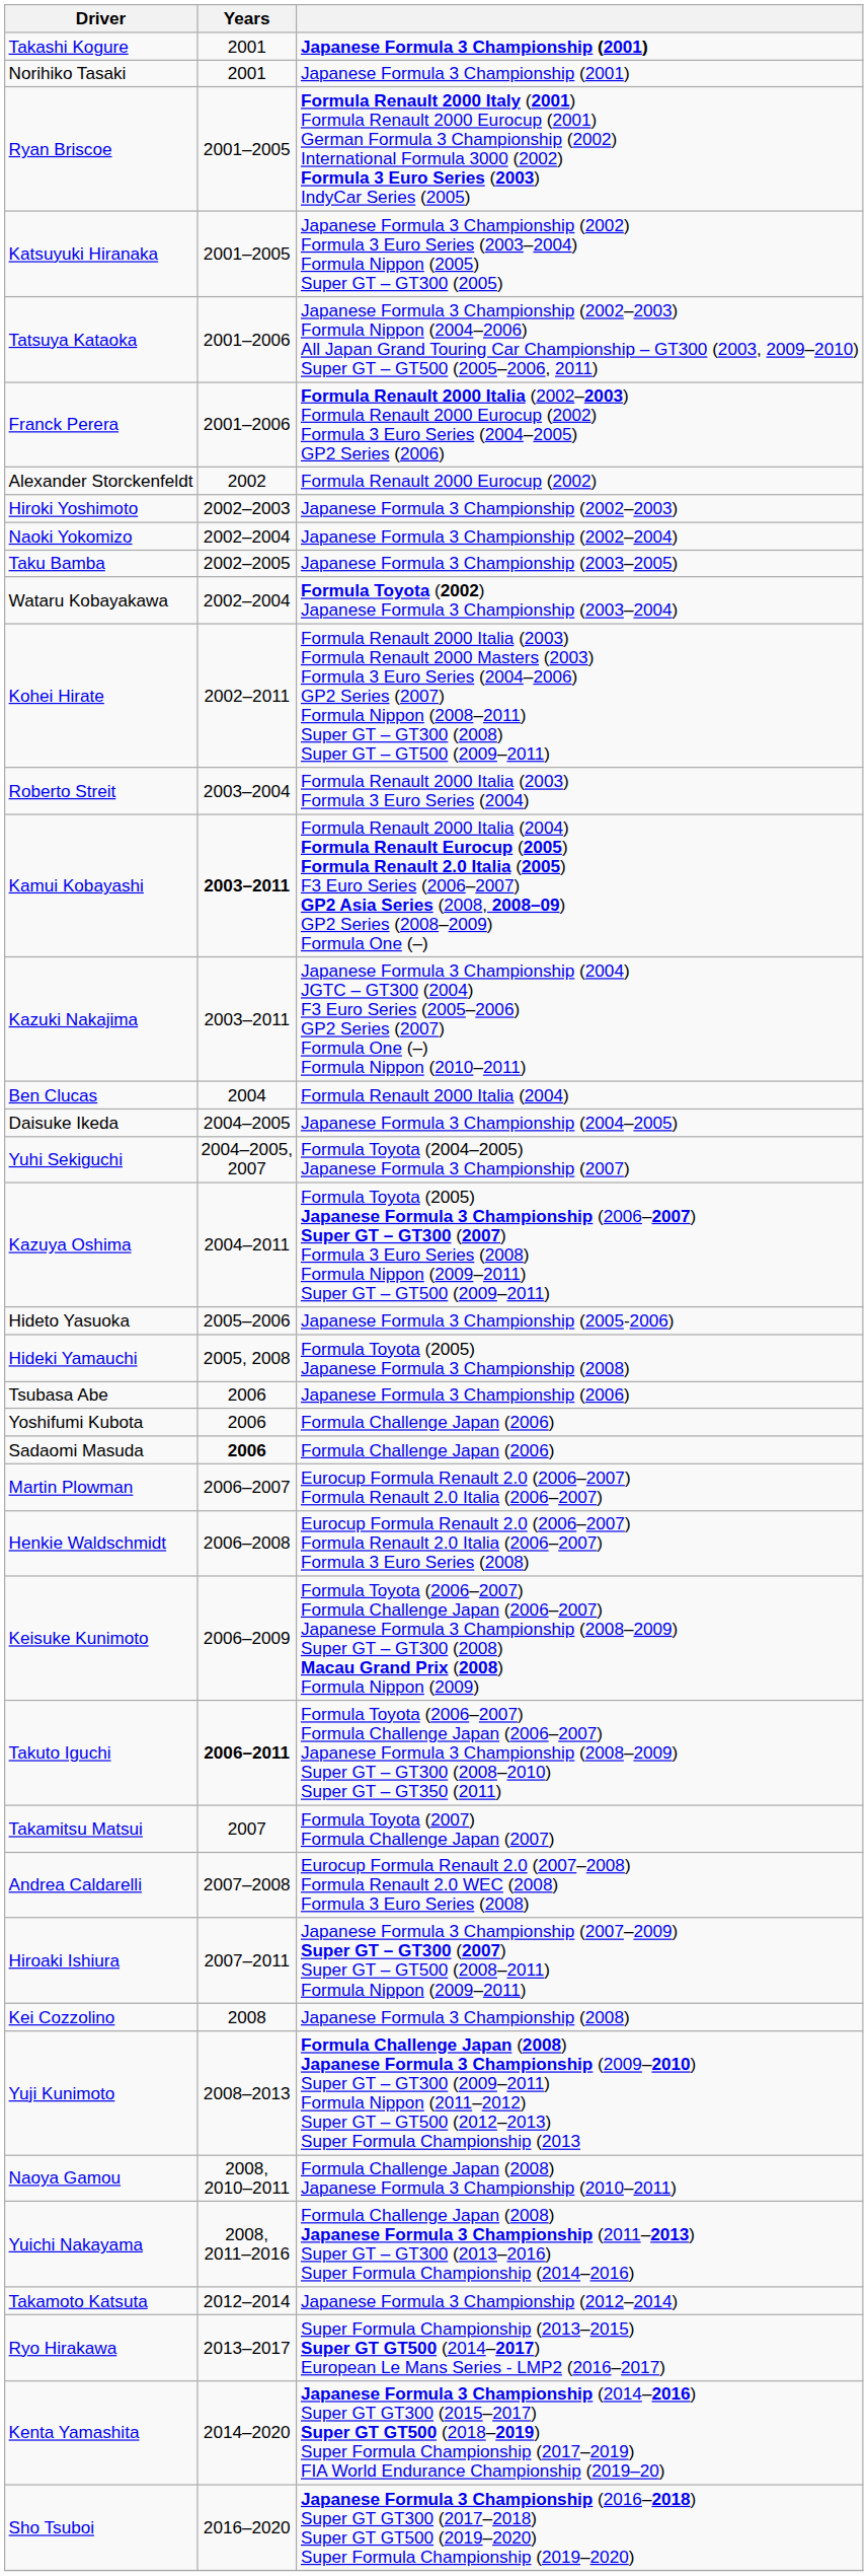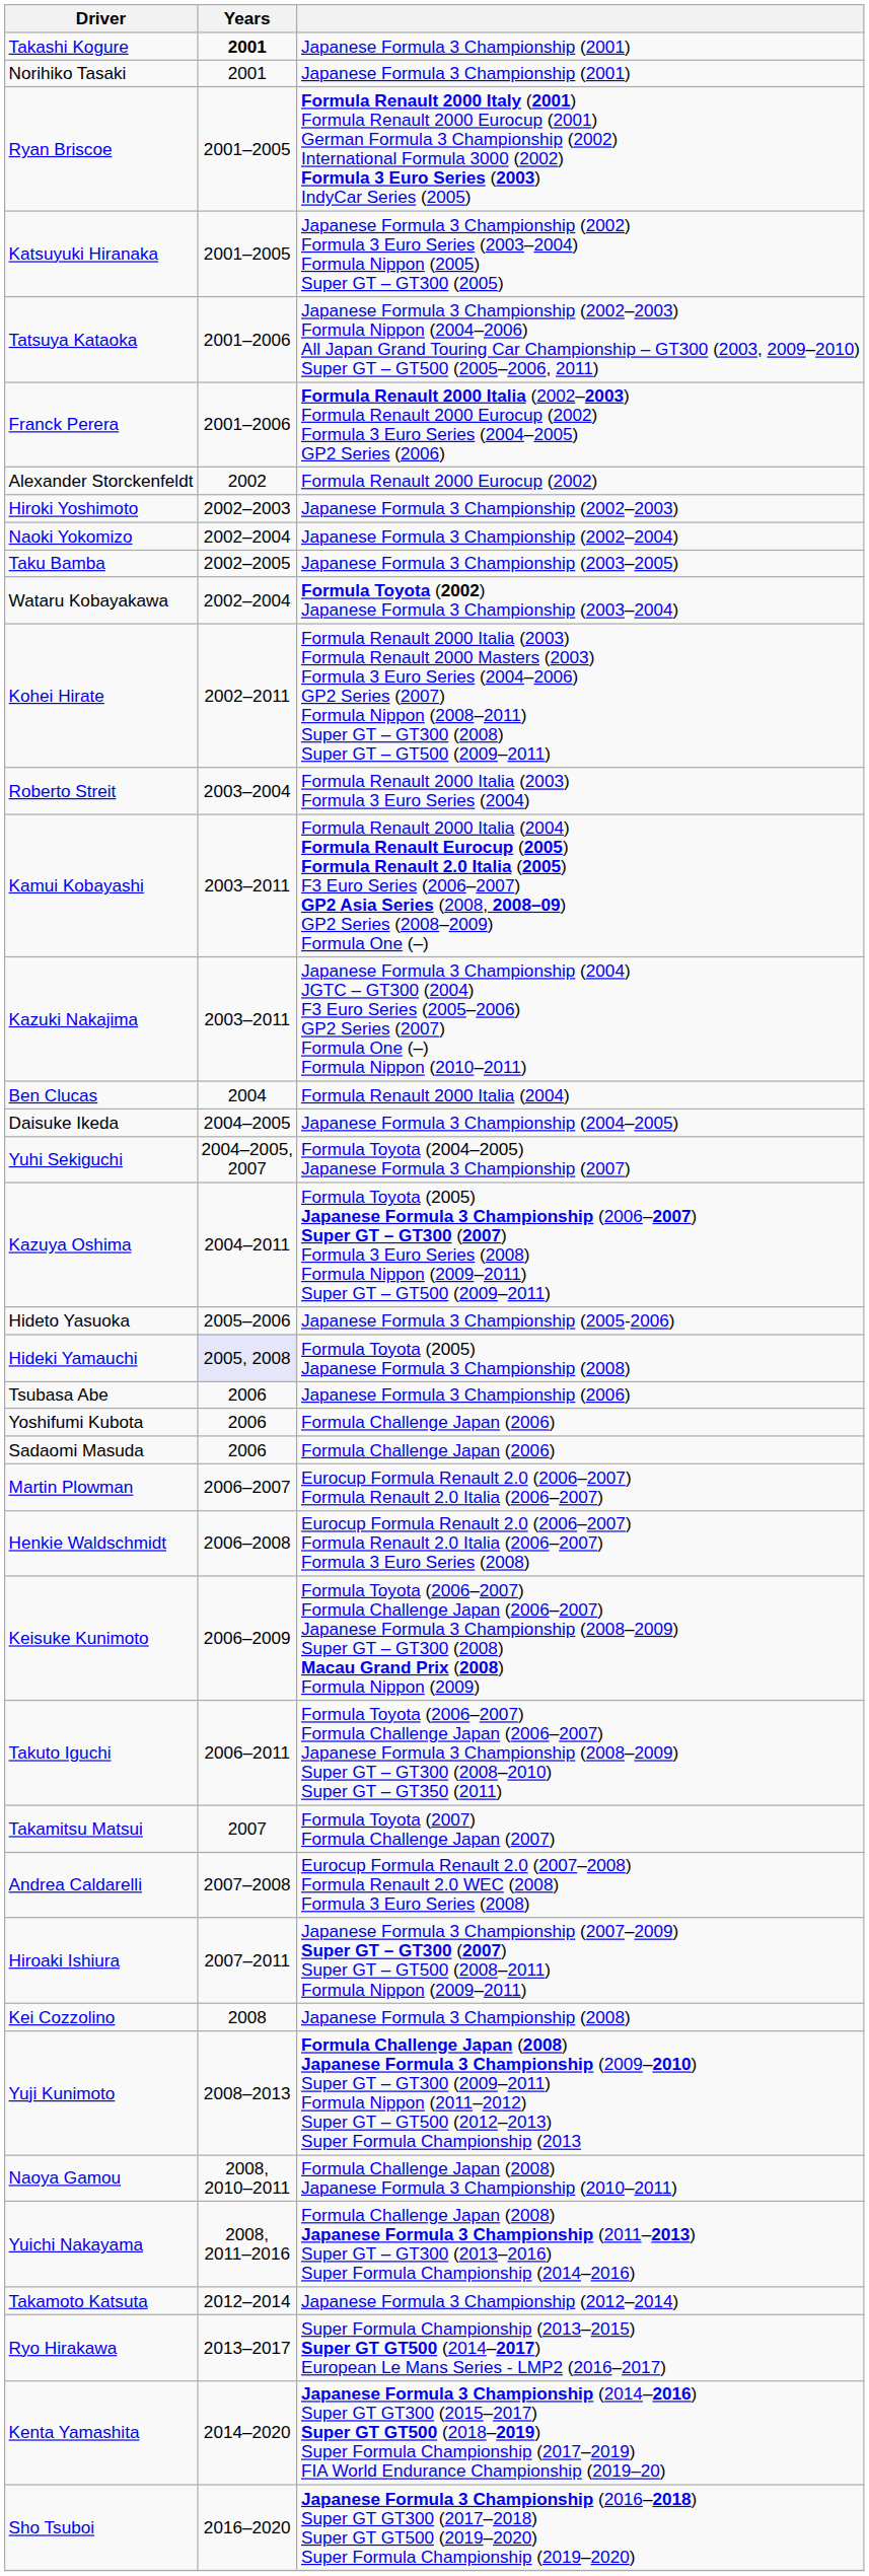 <table class="wikitable sortable" style="font-size: 90%;">
 <tr>
 <th>Driver</th>
 <th>Years</th>
 <th></th>
 </tr>
 <tr>
 <td> <a href='#'>Takashi Kogure</a></td>
-<td align=center>2001</td>
-<td><strong><a href='#'>Japanese Formula 3 Championship</a> (<a href='#'>2001</a>)</strong></td>
+<td align=center><strong>2001</strong></td>
+<td><a href='#'>Japanese Formula 3 Championship</a> (<a href='#'>2001</a>)</td>
 </tr>
 <tr>
 <td> Norihiko Tasaki</td>
 <td align=center>2001</td>
 <td><a href='#'>Japanese Formula 3 Championship</a> (<a href='#'>2001</a>)</td>
 </tr>
 <tr>
 <td> <a href='#'>Ryan Briscoe</a></td>
 <td align=center>2001–2005</td>
 <td><strong><a href='#'>Formula Renault 2000 Italy</a></strong> (<strong><a href='#'>2001</a></strong>)<br><a href='#'>Formula Renault 2000 Eurocup</a> (<a href='#'>2001</a>)<br><a href='#'>German Formula 3 Championship</a> (<a href='#'>2002</a>)<br><a href='#'>International Formula 3000</a> (<a href='#'>2002</a>)<br><strong><a href='#'>Formula 3 Euro Series</a></strong> (<strong><a href='#'>2003</a></strong>)<br><a href='#'>IndyCar Series</a> (<a href='#'>2005</a>)</td>
 </tr>
 <tr>
 <td> <a href='#'>Katsuyuki Hiranaka</a></td>
 <td align=center>2001–2005</td>
 <td><a href='#'>Japanese Formula 3 Championship</a> (<a href='#'>2002</a>)<br><a href='#'>Formula 3 Euro Series</a> (<a href='#'>2003</a>–<a href='#'>2004</a>)<br><a href='#'>Formula Nippon</a> (<a href='#'>2005</a>)<br><a href='#'>Super GT – GT300</a> (<a href='#'>2005</a>)</td>
 </tr>
 <tr>
 <td> <a href='#'>Tatsuya Kataoka</a></td>
 <td align=center>2001–2006</td>
 <td><a href='#'>Japanese Formula 3 Championship</a> (<a href='#'>2002</a>–<a href='#'>2003</a>)<br><a href='#'>Formula Nippon</a> (<a href='#'>2004</a>–<a href='#'>2006</a>)<br><a href='#'>All Japan Grand Touring Car Championship – GT300</a> (<a href='#'>2003</a>, <a href='#'>2009</a>–<a href='#'>2010</a>)<br><a href='#'>Super GT – GT500</a> (<a href='#'>2005</a>–<a href='#'>2006</a>, <a href='#'>2011</a>)</td>
 </tr>
 <tr>
 <td> <a href='#'>Franck Perera</a></td>
 <td align=center>2001–2006</td>
 <td><strong><a href='#'>Formula Renault 2000 Italia</a></strong> (<a href='#'>2002</a>–<strong><a href='#'>2003</a></strong>)<br><a href='#'>Formula Renault 2000 Eurocup</a> (<a href='#'>2002</a>)<br><a href='#'>Formula 3 Euro Series</a> (<a href='#'>2004</a>–<a href='#'>2005</a>)<br><a href='#'>GP2 Series</a> (<a href='#'>2006</a>)</td>
 </tr>
 <tr>
 <td> Alexander Storckenfeldt</td>
 <td align=center>2002</td>
 <td><a href='#'>Formula Renault 2000 Eurocup</a> (<a href='#'>2002</a>)</td>
 </tr>
 <tr>
 <td> <a href='#'>Hiroki Yoshimoto</a></td>
 <td align=center>2002–2003</td>
 <td><a href='#'>Japanese Formula 3 Championship</a> (<a href='#'>2002</a>–<a href='#'>2003</a>)</td>
 </tr>
 <tr>
 <td> <a href='#'>Naoki Yokomizo</a></td>
 <td align=center>2002–2004</td>
 <td><a href='#'>Japanese Formula 3 Championship</a> (<a href='#'>2002</a>–<a href='#'>2004</a>)</td>
 </tr>
 <tr>
 <td> <a href='#'>Taku Bamba</a></td>
 <td align=center>2002–2005</td>
 <td><a href='#'>Japanese Formula 3 Championship</a> (<a href='#'>2003</a>–<a href='#'>2005</a>)</td>
 </tr>
 <tr>
 <td> Wataru Kobayakawa</td>
 <td align=center>2002–2004</td>
 <td><strong><a href='#'>Formula Toyota</a></strong> (<strong>2002</strong>)<br><a href='#'>Japanese Formula 3 Championship</a> (<a href='#'>2003</a>–<a href='#'>2004</a>)</td>
 </tr>
 <tr>
 <td> <a href='#'>Kohei Hirate</a></td>
 <td align=center>2002–2011</td>
 <td><a href='#'>Formula Renault 2000 Italia</a> (<a href='#'>2003</a>)<br><a href='#'>Formula Renault 2000 Masters</a> (<a href='#'>2003</a>)<br><a href='#'>Formula 3 Euro Series</a> (<a href='#'>2004</a>–<a href='#'>2006</a>)<br><a href='#'>GP2 Series</a> (<a href='#'>2007</a>)<br><a href='#'>Formula Nippon</a> (<a href='#'>2008</a>–<a href='#'>2011</a>)<br><a href='#'>Super GT – GT300</a> (<a href='#'>2008</a>)<br><a href='#'>Super GT – GT500</a> (<a href='#'>2009</a>–<a href='#'>2011</a>)</td>
 </tr>
 <tr>
 <td> <a href='#'>Roberto Streit</a></td>
 <td align=center>2003–2004</td>
 <td><a href='#'>Formula Renault 2000 Italia</a> (<a href='#'>2003</a>)<br><a href='#'>Formula 3 Euro Series</a> (<a href='#'>2004</a>)</td>
 </tr>
 <tr>
 <td nowrap> <a href='#'>Kamui Kobayashi</a></td>
-<td align=center><strong>2003–2011</strong></td>
+<td align=center>2003–2011</td>
 <td><a href='#'>Formula Renault 2000 Italia</a> (<a href='#'>2004</a>)<br><strong><a href='#'>Formula Renault Eurocup</a></strong> (<strong><a href='#'>2005</a></strong>)<br><strong><a href='#'>Formula Renault 2.0 Italia</a></strong> (<strong><a href='#'>2005</a></strong>)<br><a href='#'>F3 Euro Series</a> (<a href='#'>2006</a>–<a href='#'>2007</a>)<br><strong><a href='#'>GP2 Asia Series</a></strong> (<a href='#'>2008</a>,<strong><a href='#'> 2008–09</a></strong>)<br><a href='#'>GP2 Series</a> (<a href='#'>2008</a>–<a href='#'>2009</a>)<br><a href='#'>Formula One</a> (–)</td>
 </tr>
 <tr>
 <td> <a href='#'>Kazuki Nakajima</a></td>
 <td align=center>2003–2011</td>
 <td><a href='#'>Japanese Formula 3 Championship</a> (<a href='#'>2004</a>)<br><a href='#'>JGTC – GT300</a> (<a href='#'>2004</a>)<br><a href='#'>F3 Euro Series</a> (<a href='#'>2005</a>–<a href='#'>2006</a>)<br><a href='#'>GP2 Series</a> (<a href='#'>2007</a>)<br><a href='#'>Formula One</a> (–)<br><a href='#'>Formula Nippon</a> (<a href='#'>2010</a>–<a href='#'>2011</a>)</td>
 </tr>
 <tr>
 <td> <a href='#'>Ben Clucas</a></td>
 <td align=center>2004</td>
 <td><a href='#'>Formula Renault 2000 Italia</a> (<a href='#'>2004</a>)</td>
 </tr>
 <tr>
 <td> Daisuke Ikeda</td>
 <td align=center>2004–2005</td>
 <td><a href='#'>Japanese Formula 3 Championship</a> (<a href='#'>2004</a>–<a href='#'>2005</a>)</td>
 </tr>
 <tr>
 <td> <a href='#'>Yuhi Sekiguchi</a></td>
 <td align=center>2004–2005,<br>2007</td>
 <td><a href='#'>Formula Toyota</a> (2004–2005)<br><a href='#'>Japanese Formula 3 Championship</a> (<a href='#'>2007</a>)</td>
 </tr>
 <tr>
 <td> <a href='#'>Kazuya Oshima</a></td>
 <td align=center>2004–2011</td>
 <td><a href='#'>Formula Toyota</a> (2005)<br><strong><a href='#'>Japanese Formula 3 Championship</a></strong> (<a href='#'>2006</a>–<strong><a href='#'>2007</a></strong>)<br><strong><a href='#'>Super GT – GT300</a></strong> (<strong><a href='#'>2007</a></strong>)<br><a href='#'>Formula 3 Euro Series</a> (<a href='#'>2008</a>)<br><a href='#'>Formula Nippon</a> (<a href='#'>2009</a>–<a href='#'>2011</a>)<br><a href='#'>Super GT – GT500</a> (<a href='#'>2009</a>–<a href='#'>2011</a>)</td>
 </tr>
 <tr>
 <td> Hideto Yasuoka</td>
 <td align=center>2005–2006</td>
 <td><a href='#'>Japanese Formula 3 Championship</a> (<a href='#'>2005</a>-<a href='#'>2006</a>)</td>
 </tr>
 <tr>
 <td> <a href='#'>Hideki Yamauchi</a></td>
-<td align=center>2005, 2008</td>
+<td align=center style="background: lavender;">2005, 2008</td>
 <td><a href='#'>Formula Toyota</a> (2005)<br><a href='#'>Japanese Formula 3 Championship</a> (<a href='#'>2008</a>)</td>
 </tr>
 <tr>
 <td> Tsubasa Abe</td>
 <td align=center>2006</td>
 <td><a href='#'>Japanese Formula 3 Championship</a> (<a href='#'>2006</a>)</td>
 </tr>
 <tr>
 <td> Yoshifumi Kubota</td>
 <td align=center>2006</td>
 <td><a href='#'>Formula Challenge Japan</a> (<a href='#'>2006</a>)</td>
 </tr>
 <tr>
 <td> Sadaomi Masuda</td>
-<td align=center><strong>2006</strong></td>
+<td align=center>2006</td>
 <td><a href='#'>Formula Challenge Japan</a> (<a href='#'>2006</a>)</td>
 </tr>
 <tr>
 <td> <a href='#'>Martin Plowman</a></td>
 <td align=center>2006–2007</td>
 <td><a href='#'>Eurocup Formula Renault 2.0</a> (<a href='#'>2006</a>–<a href='#'>2007</a>)<br><a href='#'>Formula Renault 2.0 Italia</a> (<a href='#'>2006</a>–<a href='#'>2007</a>)</td>
 </tr>
 <tr>
 <td> <a href='#'>Henkie Waldschmidt</a></td>
 <td align=center>2006–2008</td>
 <td><a href='#'>Eurocup Formula Renault 2.0</a> (<a href='#'>2006</a>–<a href='#'>2007</a>)<br><a href='#'>Formula Renault 2.0 Italia</a> (<a href='#'>2006</a>–<a href='#'>2007</a>)<br><a href='#'>Formula 3 Euro Series</a> (<a href='#'>2008</a>)</td>
 </tr>
 <tr>
 <td> <a href='#'>Keisuke Kunimoto</a></td>
 <td align=center>2006–2009</td>
 <td><a href='#'>Formula Toyota</a> (<a href='#'>2006</a>–<a href='#'>2007</a>)<br><a href='#'>Formula Challenge Japan</a> (<a href='#'>2006</a>–<a href='#'>2007</a>)<br><a href='#'>Japanese Formula 3 Championship</a> (<a href='#'>2008</a>–<a href='#'>2009</a>)<br><a href='#'>Super GT – GT300</a> (<a href='#'>2008</a>)<br><strong><a href='#'>Macau Grand Prix</a></strong> (<strong><a href='#'>2008</a></strong>)<br><a href='#'>Formula Nippon</a> (<a href='#'>2009</a>)</td>
 </tr>
 <tr>
 <td> <a href='#'>Takuto Iguchi</a></td>
-<td align=center><strong>2006–2011</strong></td>
+<td align=center>2006–2011</td>
 <td><a href='#'>Formula Toyota</a> (<a href='#'>2006</a>–<a href='#'>2007</a>)<br><a href='#'>Formula Challenge Japan</a> (<a href='#'>2006</a>–<a href='#'>2007</a>)<br><a href='#'>Japanese Formula 3 Championship</a> (<a href='#'>2008</a>–<a href='#'>2009</a>)<br><a href='#'>Super GT – GT300</a> (<a href='#'>2008</a>–<a href='#'>2010</a>)<br><a href='#'>Super GT – GT350</a> (<a href='#'>2011</a>)</td>
 </tr>
 <tr>
 <td> <a href='#'>Takamitsu Matsui</a></td>
 <td align=center>2007</td>
 <td><a href='#'>Formula Toyota</a> (<a href='#'>2007</a>)<br><a href='#'>Formula Challenge Japan</a> (<a href='#'>2007</a>)</td>
 </tr>
 <tr>
 <td> <a href='#'>Andrea Caldarelli</a></td>
 <td align=center>2007–2008</td>
 <td><a href='#'>Eurocup Formula Renault 2.0</a> (<a href='#'>2007</a>–<a href='#'>2008</a>)<br><a href='#'>Formula Renault 2.0 WEC</a> (<a href='#'>2008</a>)<br><a href='#'>Formula 3 Euro Series</a> (<a href='#'>2008</a>)</td>
 </tr>
 <tr>
 <td> <a href='#'>Hiroaki Ishiura</a></td>
 <td align=center>2007–2011</td>
 <td><a href='#'>Japanese Formula 3 Championship</a> (<a href='#'>2007</a>–<a href='#'>2009</a>)<br><strong><a href='#'>Super GT – GT300</a></strong> (<strong><a href='#'>2007</a></strong>)<br><a href='#'>Super GT – GT500</a> (<a href='#'>2008</a>–<a href='#'>2011</a>)<br><a href='#'>Formula Nippon</a> (<a href='#'>2009</a>–<a href='#'>2011</a>)</td>
 </tr>
 <tr>
 <td> <a href='#'>Kei Cozzolino</a></td>
 <td align=center>2008</td>
 <td><a href='#'>Japanese Formula 3 Championship</a> (<a href='#'>2008</a>)</td>
 </tr>
 <tr>
 <td> <a href='#'>Yuji Kunimoto</a></td>
 <td align=center>2008–2013</td>
 <td><strong><a href='#'>Formula Challenge Japan</a></strong> (<strong><a href='#'>2008</a></strong>)<br><strong><a href='#'>Japanese Formula 3 Championship</a></strong> (<a href='#'>2009</a>–<strong><a href='#'>2010</a></strong>)<br><a href='#'>Super GT – GT300</a> (<a href='#'>2009</a>–<a href='#'>2011</a>)<br><a href='#'>Formula Nippon</a> (<a href='#'>2011</a>–<a href='#'>2012</a>)<br><a href='#'>Super GT – GT500</a> (<a href='#'>2012</a>–<a href='#'>2013</a>)<br><a href='#'>Super Formula Championship</a> (<a href='#'>2013</a></td>
 </tr>
 <tr>
 <td> <a href='#'>Naoya Gamou</a></td>
 <td align=center>2008,<br>2010–2011</td>
 <td><a href='#'>Formula Challenge Japan</a> (<a href='#'>2008</a>)<br><a href='#'>Japanese Formula 3 Championship</a> (<a href='#'>2010</a>–<a href='#'>2011</a>)</td>
 </tr>
 <tr>
 <td> <a href='#'>Yuichi Nakayama</a></td>
 <td align=center>2008,<br>2011–2016</td>
 <td><a href='#'>Formula Challenge Japan</a> (<a href='#'>2008</a>)<br><strong><a href='#'>Japanese Formula 3 Championship</a></strong> (<a href='#'>2011</a>–<strong><a href='#'>2013</a></strong>)<br><a href='#'>Super GT – GT300</a> (<a href='#'>2013</a>–<a href='#'>2016</a>)<br><a href='#'>Super Formula Championship</a> (<a href='#'>2014</a>–<a href='#'>2016</a>)</td>
 </tr>
 <tr>
 <td> <a href='#'>Takamoto Katsuta</a></td>
 <td align=center>2012–2014</td>
 <td><a href='#'>Japanese Formula 3 Championship</a> (<a href='#'>2012</a>–<a href='#'>2014</a>)</td>
 </tr>
 <tr>
 <td> <a href='#'>Ryo Hirakawa</a></td>
 <td align=center>2013–2017</td>
 <td><a href='#'>Super Formula Championship</a> (<a href='#'>2013</a>–<a href='#'>2015</a>)<br><strong><a href='#'>Super GT GT500</a></strong> (<a href='#'>2014</a>–<strong><a href='#'>2017</a></strong>)<br><a href='#'>European Le Mans Series - LMP2</a> (<a href='#'>2016</a>–<a href='#'>2017</a>)</td>
 </tr>
 <tr>
 <td> <a href='#'>Kenta Yamashita</a></td>
 <td align=center>2014–2020</td>
 <td><strong><a href='#'>Japanese Formula 3 Championship</a></strong> (<a href='#'>2014</a>–<strong><a href='#'>2016</a></strong>)<br><a href='#'>Super GT GT300</a> (<a href='#'>2015</a>–<a href='#'>2017</a>)<br><strong><a href='#'>Super GT GT500</a></strong> (<a href='#'>2018</a>–<strong><a href='#'>2019</a></strong>)<br><a href='#'>Super Formula Championship</a> (<a href='#'>2017</a>–<a href='#'>2019</a>)<br><a href='#'>FIA World Endurance Championship</a> (<a href='#'>2019–20</a>)</td>
 </tr>
 <tr>
 <td> <a href='#'>Sho Tsuboi</a></td>
 <td align=center>2016–2020</td>
 <td><strong><a href='#'>Japanese Formula 3 Championship</a></strong> (<a href='#'>2016</a>–<strong><a href='#'>2018</a></strong>)<br><a href='#'>Super GT GT300</a> (<a href='#'>2017</a>–<a href='#'>2018</a>)<br><a href='#'>Super GT GT500</a> (<a href='#'>2019</a>–<a href='#'>2020</a>)<br><a href='#'>Super Formula Championship</a> (<a href='#'>2019</a>–<a href='#'>2020</a>)</td>
 </tr>
 <tr>
 </tr>
 </table>
